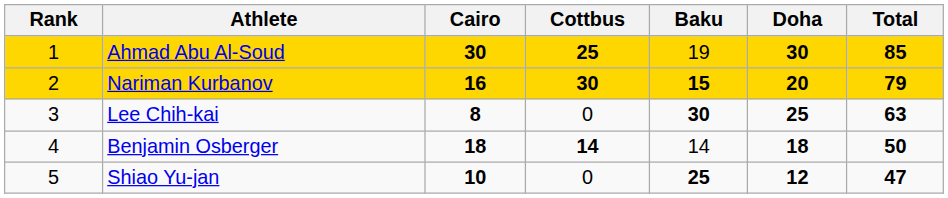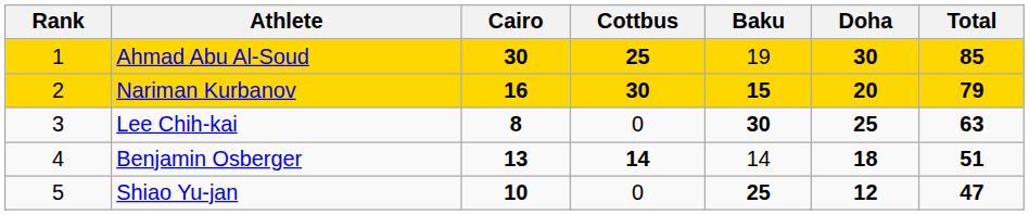 <table style="width:60%;" class="wikitable">
 <tr>
 <th style="text-align:center; width:6%;">Rank</th>
 <th style="text-align:center; width:20%;">Athlete</th>
 <th style="text-align:center; width:6%;"> Cairo</th>
 <th style="text-align:center; width:6%;"> Cottbus</th>
 <th style="text-align:center; width:6%;"> Baku</th>
 <th style="text-align:center; width:6%;"> Doha</th>
 <th style="text-align:center; width:6%;">Total</th>
 </tr>
 <tr scope=row style="text-align:center" bgcolor=gold>
 <td>1</td>
 <td align=left> <a href='#'>Ahmad Abu Al-Soud</a></td>
 <td><strong>30</strong></td>
 <td><strong>25</strong></td>
 <td>19</td>
 <td><strong>30</strong></td>
 <td><strong>85</strong></td>
 </tr>
 <tr scope=row style="text-align:center" bgcolor=gold>
 <td>2</td>
 <td align=left> <a href='#'>Nariman Kurbanov</a></td>
 <td><strong>16</strong></td>
 <td><strong>30</strong></td>
 <td><strong>15</strong></td>
 <td><strong>20</strong></td>
 <td><strong>79</strong></td>
 </tr>
 <tr scope=row style="text-align:center">
 <td>3</td>
 <td align=left> <a href='#'>Lee Chih-kai</a></td>
 <td><strong>8</strong></td>
 <td>0</td>
 <td><strong>30</strong></td>
 <td><strong>25</strong></td>
 <td><strong>63</strong></td>
 </tr>
 <tr scope=row style="text-align:center">
 <td>4</td>
 <td align=left> <a href='#'>Benjamin Osberger</a></td>
-<td><strong>18</strong></td>
+<td><strong>13</strong></td>
 <td><strong>14</strong></td>
 <td>14</td>
 <td><strong>18</strong></td>
-<td><strong>50</strong></td>
+<td><strong>51</strong></td>
 </tr>
 <tr scope=row style="text-align:center">
 <td>5</td>
 <td align=left> <a href='#'>Shiao Yu-jan</a></td>
 <td><strong>10</strong></td>
 <td>0</td>
 <td><strong>25</strong></td>
 <td><strong>12</strong></td>
 <td><strong>47</strong></td>
 </tr>
 </table>
